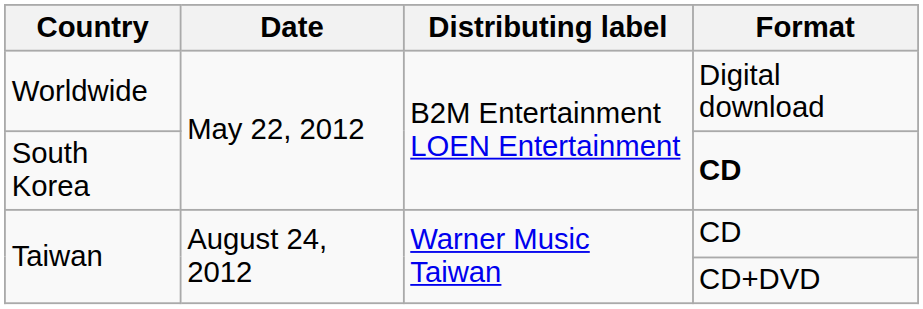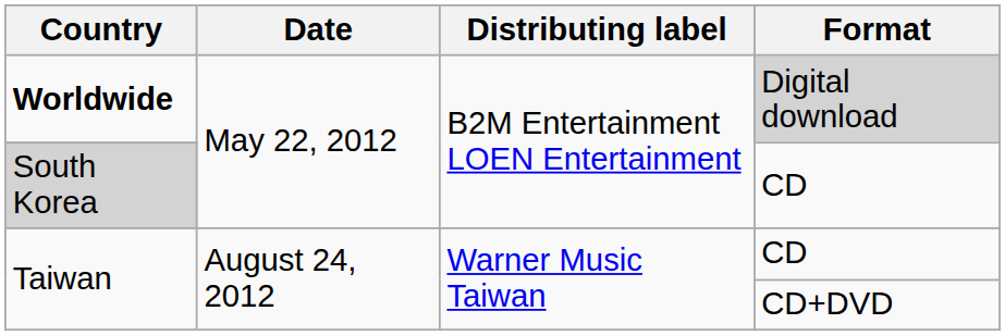 <table class="wikitable" style="width:500px">
 <tr>
 <th>Country</th>
 <th>Date</th>
 <th>Distributing label</th>
 <th>Format</th>
 </tr>
 <tr>
-<td>Worldwide</td>
+<td><strong>Worldwide</strong></td>
 <td rowspan=2>May 22, 2012</td>
 <td rowspan=2>B2M Entertainment<br><a href='#'>LOEN Entertainment</a></td>
-<td>Digital download</td>
+<td style="background: lightgrey;">Digital download</td>
 </tr>
 <tr>
-<td>South Korea</td>
-<td><strong>CD</strong></td>
+<td style="background: lightgrey;">South Korea</td>
+<td>CD</td>
 </tr>
 <tr>
 <td rowspan=2>Taiwan</td>
 <td rowspan=2>August 24, 2012</td>
 <td rowspan=2><a href='#'>Warner Music Taiwan</a></td>
 <td>CD</td>
 </tr>
 <tr>
 <td>CD+DVD</td>
 </tr>
 </table>
